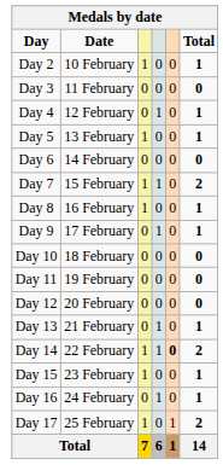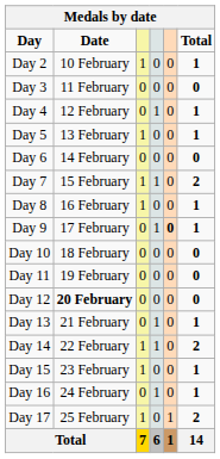 <table class=wikitable style="font-size:85%;float:right">
 <tr bgcolor=efefef>
 <th colspan=6>Medals by date</th>
 </tr>
 <tr align=center>
 <td><strong>Day</strong></td>
 <td><strong>Date</strong></td>
 <td bgcolor=#f7f6a8></td>
 <td bgcolor=#dce5e5></td>
 <td bgcolor=#ffdab9></td>
 <td><strong>Total</strong></td>
 </tr>
 <tr align=center>
 <td>Day 2</td>
 <td>10 February</td>
 <td bgcolor=F7F6A8>1</td>
 <td bgcolor=DCE5E5>0</td>
 <td bgcolor=FFDAB9>0</td>
 <td><strong>1</strong></td>
 </tr>
 <tr align=center>
 <td>Day 3</td>
 <td>11 February</td>
 <td bgcolor=F7F6A8>0</td>
 <td bgcolor=DCE5E5>0</td>
 <td bgcolor=FFDAB9>0</td>
 <td><strong>0</strong></td>
 </tr>
 <tr align=center>
 <td>Day 4</td>
 <td>12 February</td>
 <td bgcolor=F7F6A8>0</td>
 <td bgcolor=DCE5E5>1</td>
 <td bgcolor=FFDAB9>0</td>
 <td><strong>1</strong></td>
 </tr>
 <tr align=center>
 <td>Day 5</td>
 <td>13 February</td>
 <td bgcolor=F7F6A8>1</td>
 <td bgcolor=DCE5E5>0</td>
 <td bgcolor=FFDAB9>0</td>
 <td><strong>1</strong></td>
 </tr>
 <tr align=center>
 <td>Day 6</td>
 <td>14 February</td>
 <td bgcolor=F7F6A8>0</td>
 <td bgcolor=DCE5E5>0</td>
 <td bgcolor=FFDAB9>0</td>
 <td><strong>0</strong></td>
 </tr>
 <tr align=center>
 <td>Day 7</td>
 <td>15 February</td>
 <td bgcolor=F7F6A8>1</td>
 <td bgcolor=DCE5E5>1</td>
 <td bgcolor=FFDAB9>0</td>
 <td><strong>2</strong></td>
 </tr>
 <tr align=center>
 <td>Day 8</td>
 <td>16 February</td>
 <td bgcolor=F7F6A8>1</td>
 <td bgcolor=DCE5E5>0</td>
 <td bgcolor=FFDAB9>0</td>
 <td><strong>1</strong></td>
 </tr>
 <tr align=center>
 <td>Day 9</td>
 <td>17 February</td>
 <td bgcolor=F7F6A8>0</td>
 <td bgcolor=DCE5E5>1</td>
-<td bgcolor=FFDAB9>0</td>
+<td bgcolor=FFDAB9><strong>0</strong></td>
 <td><strong>1</strong></td>
 </tr>
 <tr align=center>
 <td>Day 10</td>
 <td>18 February</td>
 <td bgcolor=F7F6A8>0</td>
 <td bgcolor=DCE5E5>0</td>
 <td bgcolor=FFDAB9>0</td>
 <td><strong>0</strong></td>
 </tr>
 <tr align=center>
 <td>Day 11</td>
 <td>19 February</td>
 <td bgcolor=F7F6A8>0</td>
 <td bgcolor=DCE5E5>0</td>
 <td bgcolor=FFDAB9>0</td>
 <td><strong>0</strong></td>
 </tr>
 <tr align=center>
 <td>Day 12</td>
-<td>20 February</td>
+<td><strong>20 February</strong></td>
 <td bgcolor=F7F6A8>0</td>
 <td bgcolor=DCE5E5>0</td>
 <td bgcolor=FFDAB9>0</td>
 <td><strong>0</strong></td>
 </tr>
 <tr align=center>
 <td>Day 13</td>
 <td>21 February</td>
 <td bgcolor=F7F6A8>0</td>
 <td bgcolor=DCE5E5>1</td>
 <td bgcolor=FFDAB9>0</td>
 <td><strong>1</strong></td>
 </tr>
 <tr align=center>
 <td>Day 14</td>
 <td>22 February</td>
 <td bgcolor=F7F6A8>1</td>
 <td bgcolor=DCE5E5>1</td>
-<td bgcolor=FFDAB9><strong>0</strong></td>
+<td bgcolor=FFDAB9>0</td>
 <td><strong>2</strong></td>
 </tr>
 <tr align=center>
 <td>Day 15</td>
 <td>23 February</td>
 <td bgcolor=F7F6A8>1</td>
 <td bgcolor=DCE5E5>0</td>
 <td bgcolor=FFDAB9>0</td>
 <td><strong>1</strong></td>
 </tr>
 <tr align=center>
 <td>Day 16</td>
 <td>24 February</td>
 <td bgcolor=F7F6A8>0</td>
 <td bgcolor=DCE5E5>1</td>
 <td bgcolor=FFDAB9>0</td>
 <td><strong>1</strong></td>
 </tr>
 <tr align=center>
 <td>Day 17</td>
 <td>25 February</td>
 <td bgcolor=F7F6A8>1</td>
 <td bgcolor=DCE5E5>0</td>
 <td bgcolor=FFDAB9>1</td>
 <td><strong>2</strong></td>
 </tr>
 <tr>
 <th colspan=2>Total</th>
 <th style="background:gold">7</th>
 <th style="background:silver">6</th>
 <th style="background:#c96">1</th>
 <th>14</th>
 </tr>
 </table>
